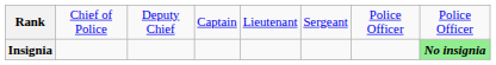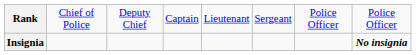 <table class="wikitable">
 <tr style="text-align:center;">
 <th>Rank</th>
 <td><a href='#'>Chief of Police</a></td>
 <td><a href='#'>Deputy Chief</a></td>
 <td><a href='#'>Captain</a></td>
 <td><a href='#'>Lieutenant</a></td>
 <td><a href='#'>Sergeant</a></td>
 <td><a href='#'>Police Officer</a><br></td>
 <td><a href='#'>Police Officer</a></td>
 </tr>
 <tr style="text-align:center;">
 <th>Insignia</th>
 <td></td>
 <td></td>
 <td></td>
 <td></td>
 <td></td>
 <td></td>
-<td style="background: lightgreen;"><strong><em>No insignia</em></strong></td>
+<td><strong><em>No insignia</em></strong></td>
 </tr>
 </table>
